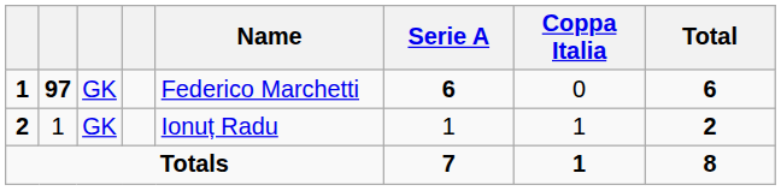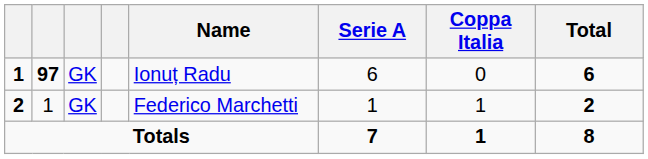 <table class="wikitable" style="text-align:center">
 <tr>
 <th width=15></th>
 <th width=15></th>
 <th width=15></th>
 <th width=15></th>
 <th width=145>Name</th>
 <th width=80><strong><a href='#'>Serie A</a></strong></th>
 <th width=80><strong><a href='#'>Coppa Italia</a></strong></th>
 <th width=80>Total</th>
 </tr>
 <tr>
 <td><strong>1</strong></td>
 <td><strong>97</strong></td>
 <td><a href='#'>GK</a></td>
 <td></td>
-<td align=left><a href='#'>Federico Marchetti</a></td>
-<td><strong>6</strong></td>
+<td align=left><a href='#'>Ionuț Radu</a></td>
+<td>6</td>
 <td>0</td>
 <td><strong>6</strong></td>
 </tr>
 <tr>
 <td><strong>2</strong></td>
 <td>1</td>
 <td><a href='#'>GK</a></td>
 <td></td>
-<td align=left><a href='#'>Ionuț Radu</a></td>
+<td align=left><a href='#'>Federico Marchetti</a></td>
 <td>1</td>
 <td>1</td>
 <td><strong>2</strong></td>
 </tr>
 <tr>
 <td colspan=5><strong>Totals</strong></td>
 <td><strong>7</strong></td>
 <td><strong>1</strong></td>
 <td><strong>8</strong></td>
 </tr>
 </table>
